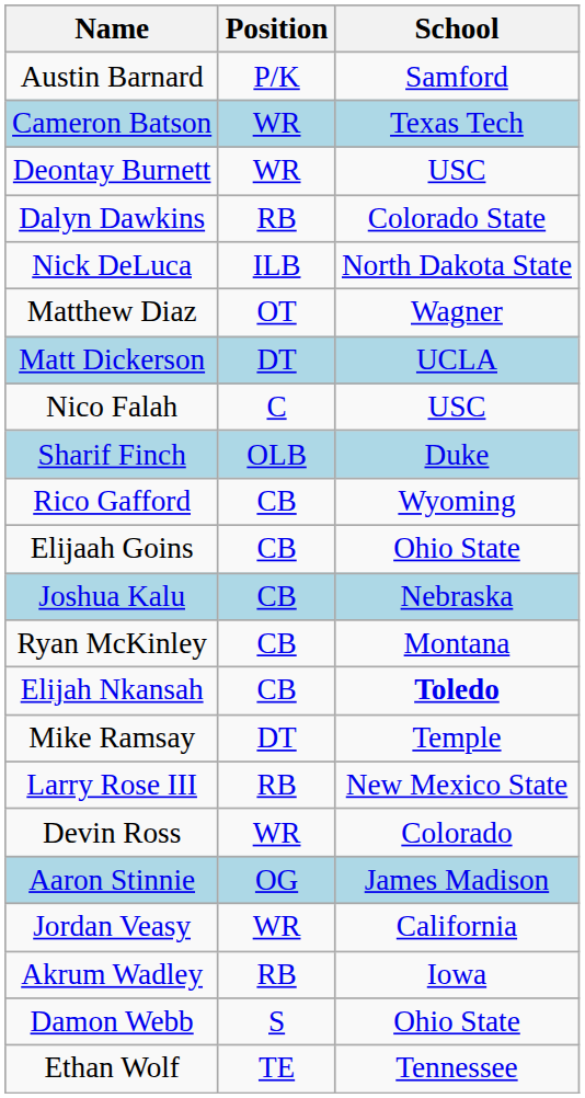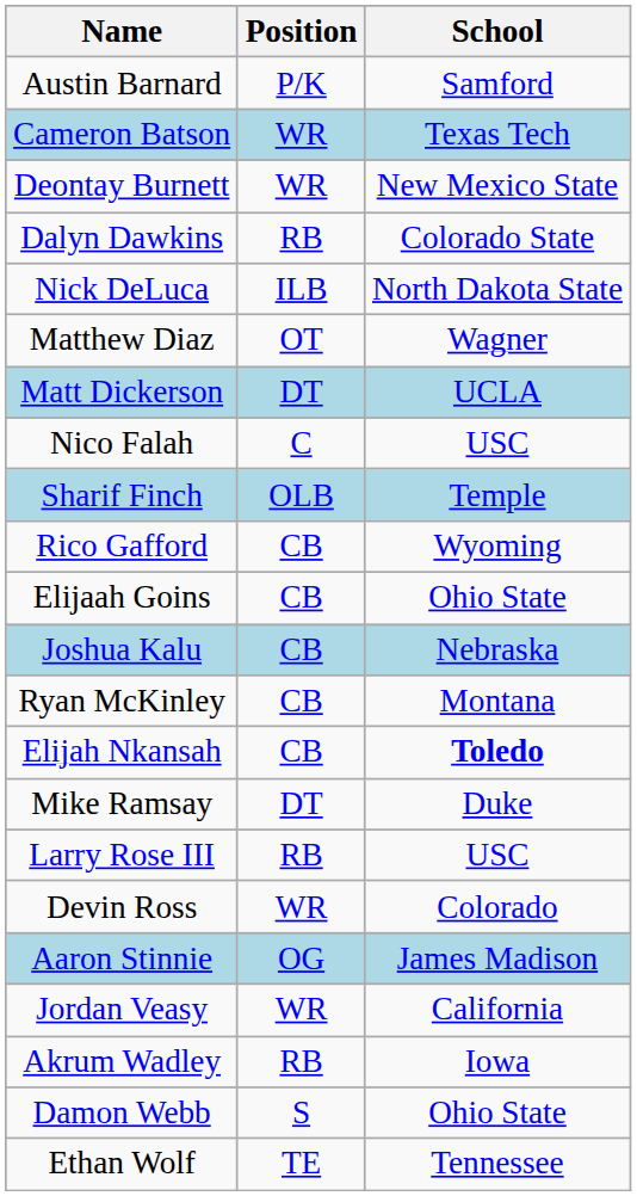 <table class="wikitable">
 <tr>
 <th>Name</th>
 <th>Position</th>
 <th>School</th>
 </tr>
 <tr align="center">
 <td>Austin Barnard</td>
 <td><a href='#'>P/K</a></td>
 <td><a href='#'>Samford</a></td>
 </tr>
 <tr align="center" | style="background:#ADD8E6">
 <td><a href='#'>Cameron Batson</a></td>
 <td><a href='#'>WR</a></td>
 <td><a href='#'>Texas Tech</a></td>
 </tr>
 <tr align="center">
 <td><a href='#'>Deontay Burnett</a></td>
 <td><a href='#'>WR</a></td>
-<td><a href='#'>USC</a></td>
+<td><a href='#'>New Mexico State</a></td>
 </tr>
 <tr align="center">
 <td><a href='#'>Dalyn Dawkins</a></td>
 <td><a href='#'>RB</a></td>
 <td><a href='#'>Colorado State</a></td>
 </tr>
 <tr align="center">
 <td><a href='#'>Nick DeLuca</a></td>
 <td><a href='#'>ILB</a></td>
 <td><a href='#'>North Dakota State</a></td>
 </tr>
 <tr align="center">
 <td>Matthew Diaz</td>
 <td><a href='#'>OT</a></td>
 <td><a href='#'>Wagner</a></td>
 </tr>
 <tr align="center" | style="background:#ADD8E6">
 <td><a href='#'>Matt Dickerson</a></td>
 <td><a href='#'>DT</a></td>
 <td><a href='#'>UCLA</a></td>
 </tr>
 <tr align="center">
 <td>Nico Falah</td>
 <td><a href='#'>C</a></td>
 <td><a href='#'>USC</a></td>
 </tr>
 <tr align="center" | style="background:#ADD8E6">
 <td><a href='#'>Sharif Finch</a></td>
 <td><a href='#'>OLB</a></td>
-<td><a href='#'>Duke</a></td>
+<td><a href='#'>Temple</a></td>
 </tr>
 <tr align="center">
 <td><a href='#'>Rico Gafford</a></td>
 <td><a href='#'>CB</a></td>
 <td><a href='#'>Wyoming</a></td>
 </tr>
 <tr align="center">
 <td>Elijaah Goins</td>
 <td><a href='#'>CB</a></td>
 <td><a href='#'>Ohio State</a></td>
 </tr>
 <tr align="center" | style="background:#ADD8E6">
 <td><a href='#'>Joshua Kalu</a></td>
 <td><a href='#'>CB</a></td>
 <td><a href='#'>Nebraska</a></td>
 </tr>
 <tr align="center">
 <td>Ryan McKinley</td>
 <td><a href='#'>CB</a></td>
 <td><a href='#'>Montana</a></td>
 </tr>
 <tr align="center">
 <td><a href='#'>Elijah Nkansah</a></td>
 <td><a href='#'>CB</a></td>
 <td><strong><a href='#'>Toledo</a></strong></td>
 </tr>
 <tr align="center">
 <td>Mike Ramsay</td>
 <td><a href='#'>DT</a></td>
-<td><a href='#'>Temple</a></td>
+<td><a href='#'>Duke</a></td>
 </tr>
 <tr align="center">
 <td><a href='#'>Larry Rose III</a></td>
 <td><a href='#'>RB</a></td>
-<td><a href='#'>New Mexico State</a></td>
+<td><a href='#'>USC</a></td>
 </tr>
 <tr align="center">
 <td>Devin Ross</td>
 <td><a href='#'>WR</a></td>
 <td><a href='#'>Colorado</a></td>
 </tr>
 <tr align="center" | style="background:#ADD8E6">
 <td><a href='#'>Aaron Stinnie</a></td>
 <td><a href='#'>OG</a></td>
 <td><a href='#'>James Madison</a></td>
 </tr>
 <tr align="center">
 <td><a href='#'>Jordan Veasy</a></td>
 <td><a href='#'>WR</a></td>
 <td><a href='#'>California</a></td>
 </tr>
 <tr align="center">
 <td><a href='#'>Akrum Wadley</a></td>
 <td><a href='#'>RB</a></td>
 <td><a href='#'>Iowa</a></td>
 </tr>
 <tr align="center">
 <td><a href='#'>Damon Webb</a></td>
 <td><a href='#'>S</a></td>
 <td><a href='#'>Ohio State</a></td>
 </tr>
 <tr align="center">
 <td>Ethan Wolf</td>
 <td><a href='#'>TE</a></td>
 <td><a href='#'>Tennessee</a></td>
 </tr>
 <tr>
 </tr>
 </table>
